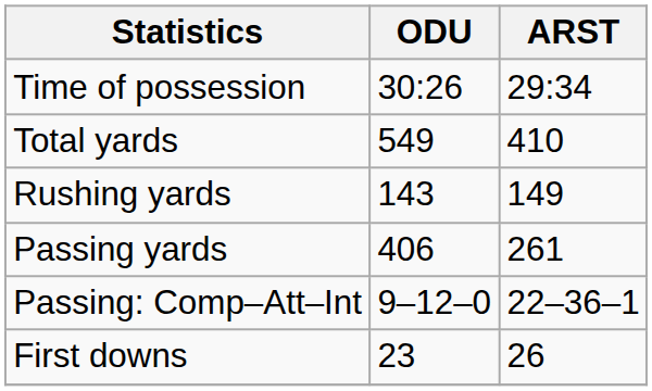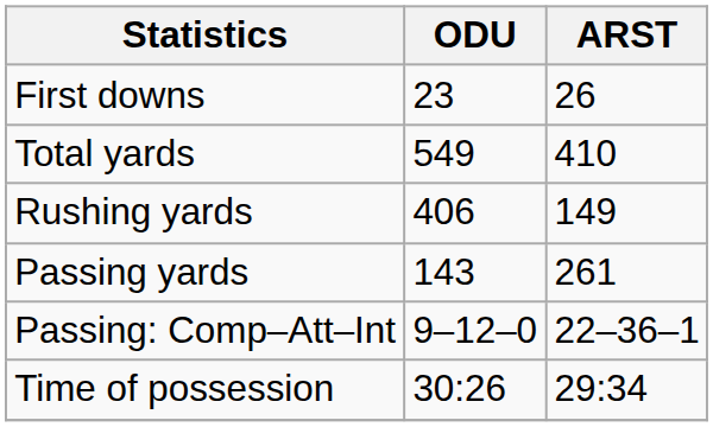 <table class="wikitable" style="float: left;">
 <tr>
 <th>Statistics</th>
 <th>ODU</th>
 <th>ARST</th>
 </tr>
 <tr>
-<td>Time of possession</td>
-<td>30:26</td>
-<td>29:34</td>
+<td>First downs</td>
+<td>23</td>
+<td>26</td>
 </tr>
 <tr>
 <td>Total yards</td>
 <td>549</td>
 <td>410</td>
 </tr>
 <tr>
 <td>Rushing yards</td>
-<td>143</td>
+<td>406</td>
 <td>149</td>
 </tr>
 <tr>
 <td>Passing yards</td>
-<td>406</td>
+<td>143</td>
 <td>261</td>
 </tr>
 <tr>
 <td>Passing: Comp–Att–Int</td>
 <td>9–12–0</td>
 <td>22–36–1</td>
 </tr>
 <tr>
-<td>First downs</td>
-<td>23</td>
-<td>26</td>
+<td>Time of possession</td>
+<td>30:26</td>
+<td>29:34</td>
 </tr>
 <tr>
 </tr>
 </table>
